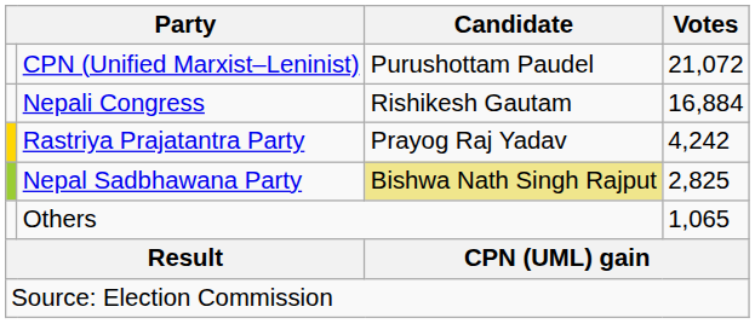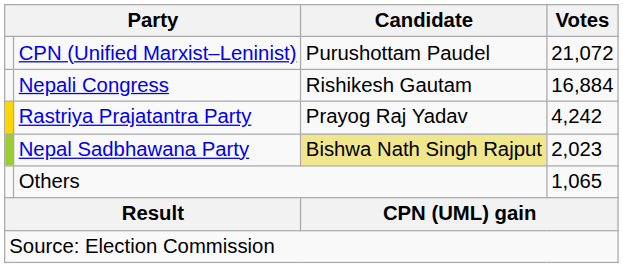 <table class="wikitable">
 <tr>
 <th colspan="2">Party</th>
 <th>Candidate</th>
 <th>Votes</th>
 </tr>
 <tr>
 <td style="background-color:"></td>
 <td><a href='#'>CPN (Unified Marxist–Leninist)</a></td>
 <td>Purushottam Paudel</td>
 <td>21,072</td>
 </tr>
 <tr>
 <td style="background-color:"></td>
 <td><a href='#'>Nepali Congress</a></td>
 <td>Rishikesh Gautam</td>
 <td>16,884</td>
 </tr>
 <tr>
 <td style="background-color:gold"></td>
 <td><a href='#'>Rastriya Prajatantra Party</a></td>
 <td>Prayog Raj Yadav</td>
 <td>4,242</td>
 </tr>
 <tr>
 <td style="background-color:yellowgreen"></td>
 <td><a href='#'>Nepal Sadbhawana Party</a></td>
 <td style="background: khaki;">Bishwa Nath Singh Rajput</td>
-<td>2,825</td>
+<td>2,023</td>
 </tr>
 <tr>
 <td></td>
 <td colspan="2">Others</td>
 <td>1,065</td>
 </tr>
 <tr>
 <th colspan="2">Result</th>
 <th colspan="2">CPN (UML) gain</th>
 </tr>
 <tr>
 <td colspan="4">Source: Election Commission</td>
 </tr>
 </table>
